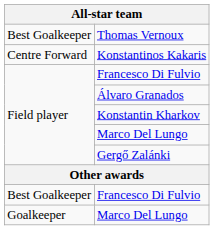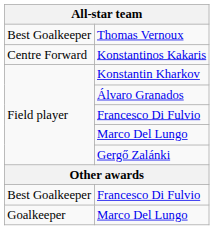 <table class="wikitable">
 <tr>
 <th colspan=2>All-star team</th>
 </tr>
 <tr>
 <td>Best Goalkeeper</td>
 <td> <a href='#'>Thomas Vernoux</a></td>
 </tr>
 <tr>
 <td>Centre Forward</td>
 <td> <a href='#'>Konstantinos Kakaris</a></td>
 </tr>
 <tr>
 <td rowspan=5>Field player</td>
-<td> <a href='#'>Francesco Di Fulvio</a></td>
+<td> <a href='#'>Konstantin Kharkov</a></td>
 </tr>
 <tr>
 <td> <a href='#'>Álvaro Granados</a></td>
 </tr>
 <tr>
-<td> <a href='#'>Konstantin Kharkov</a></td>
+<td> <a href='#'>Francesco Di Fulvio</a></td>
 </tr>
 <tr>
 <td> <a href='#'>Marco Del Lungo</a></td>
 </tr>
 <tr>
 <td> <a href='#'>Gergő Zalánki</a></td>
 </tr>
 <tr>
 <th colspan=2>Other awards</th>
 </tr>
 <tr>
 <td>Best Goalkeeper</td>
 <td> <a href='#'>Francesco Di Fulvio</a></td>
 </tr>
 <tr>
 <td>Goalkeeper</td>
 <td> <a href='#'>Marco Del Lungo</a></td>
 </tr>
 </table>
